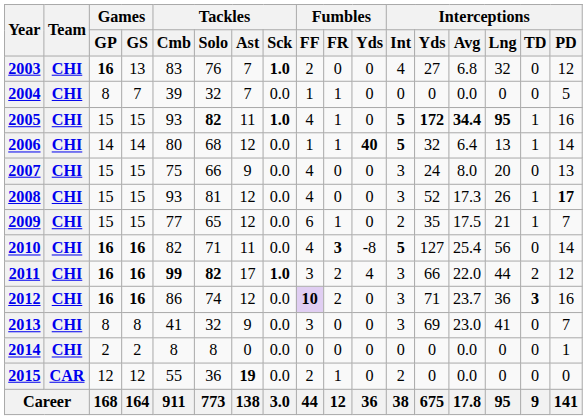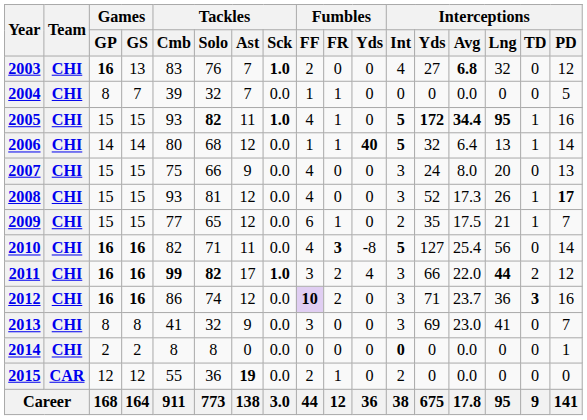 <table class="wikitable" style="text-align: center;">
 <tr>
 <th rowspan="2">Year</th>
 <th rowspan="2">Team</th>
 <th colspan="2">Games</th>
 <th colspan="4">Tackles</th>
 <th colspan="3">Fumbles</th>
 <th colspan="6">Interceptions</th>
 </tr>
 <tr>
 <th>GP</th>
 <th>GS</th>
 <th>Cmb</th>
 <th>Solo</th>
 <th>Ast</th>
 <th>Sck</th>
 <th>FF</th>
 <th>FR</th>
 <th>Yds</th>
 <th>Int</th>
 <th>Yds</th>
 <th>Avg</th>
 <th>Lng</th>
 <th>TD</th>
 <th>PD</th>
 </tr>
 <tr>
 <th><a href='#'>2003</a></th>
 <th><a href='#'>CHI</a></th>
 <td><strong>16</strong></td>
 <td>13</td>
 <td>83</td>
 <td>76</td>
 <td>7</td>
 <td><strong>1.0</strong></td>
 <td>2</td>
 <td>0</td>
 <td>0</td>
 <td>4</td>
 <td>27</td>
-<td>6.8</td>
+<td><strong>6.8</strong></td>
 <td>32</td>
 <td>0</td>
 <td>12</td>
 </tr>
 <tr>
 <th><a href='#'>2004</a></th>
 <th><a href='#'>CHI</a></th>
 <td>8</td>
 <td>7</td>
 <td>39</td>
 <td>32</td>
 <td>7</td>
 <td>0.0</td>
 <td>1</td>
 <td>1</td>
 <td>0</td>
 <td>0</td>
 <td>0</td>
 <td>0.0</td>
 <td>0</td>
 <td>0</td>
 <td>5</td>
 </tr>
 <tr>
 <th><a href='#'>2005</a></th>
 <th><a href='#'>CHI</a></th>
 <td>15</td>
 <td>15</td>
 <td>93</td>
 <td><strong>82</strong></td>
 <td>11</td>
 <td><strong>1.0</strong></td>
 <td>4</td>
 <td>1</td>
 <td>0</td>
 <td><strong>5</strong></td>
 <td><strong>172</strong></td>
 <td><strong>34.4</strong></td>
 <td><strong>95</strong></td>
 <td>1</td>
 <td>16</td>
 </tr>
 <tr>
 <th><a href='#'>2006</a></th>
 <th><a href='#'>CHI</a></th>
 <td>14</td>
 <td>14</td>
 <td>80</td>
 <td>68</td>
 <td>12</td>
 <td>0.0</td>
 <td>1</td>
 <td>1</td>
 <td><strong>40</strong></td>
 <td><strong>5</strong></td>
 <td>32</td>
 <td>6.4</td>
 <td>13</td>
 <td>1</td>
 <td>14</td>
 </tr>
 <tr>
 <th><a href='#'>2007</a></th>
 <th><a href='#'>CHI</a></th>
 <td>15</td>
 <td>15</td>
 <td>75</td>
 <td>66</td>
 <td>9</td>
 <td>0.0</td>
 <td>4</td>
 <td>0</td>
 <td>0</td>
 <td>3</td>
 <td>24</td>
 <td>8.0</td>
 <td>20</td>
 <td>0</td>
 <td>13</td>
 </tr>
 <tr>
 <th><a href='#'>2008</a></th>
 <th><a href='#'>CHI</a></th>
 <td>15</td>
 <td>15</td>
 <td>93</td>
 <td>81</td>
 <td>12</td>
 <td>0.0</td>
 <td>4</td>
 <td>0</td>
 <td>0</td>
 <td>3</td>
 <td>52</td>
 <td>17.3</td>
 <td>26</td>
 <td>1</td>
 <td><strong>17</strong></td>
 </tr>
 <tr>
 <th><a href='#'>2009</a></th>
 <th><a href='#'>CHI</a></th>
 <td>15</td>
 <td>15</td>
 <td>77</td>
 <td>65</td>
 <td>12</td>
 <td>0.0</td>
 <td>6</td>
 <td>1</td>
 <td>0</td>
 <td>2</td>
 <td>35</td>
 <td>17.5</td>
 <td>21</td>
 <td>1</td>
 <td>7</td>
 </tr>
 <tr>
 <th><a href='#'>2010</a></th>
 <th><a href='#'>CHI</a></th>
 <td><strong>16</strong></td>
 <td><strong>16</strong></td>
 <td>82</td>
 <td>71</td>
 <td>11</td>
 <td>0.0</td>
 <td>4</td>
 <td><strong>3</strong></td>
 <td>-8</td>
 <td><strong>5</strong></td>
 <td>127</td>
 <td>25.4</td>
 <td>56</td>
 <td>0</td>
 <td>14</td>
 </tr>
 <tr>
 <th><a href='#'>2011</a></th>
 <th><a href='#'>CHI</a></th>
 <td><strong>16</strong></td>
 <td><strong>16</strong></td>
 <td><strong>99</strong></td>
 <td><strong>82</strong></td>
 <td>17</td>
 <td><strong>1.0</strong></td>
 <td>3</td>
 <td>2</td>
 <td>4</td>
 <td>3</td>
 <td>66</td>
 <td>22.0</td>
-<td>44</td>
+<td><strong>44</strong></td>
 <td>2</td>
 <td>12</td>
 </tr>
 <tr>
 <th><a href='#'>2012</a></th>
 <th><a href='#'>CHI</a></th>
 <td><strong>16</strong></td>
 <td><strong>16</strong></td>
 <td>86</td>
 <td>74</td>
 <td>12</td>
 <td>0.0</td>
 <td style="background:#e0cef2;"><strong>10</strong></td>
 <td>2</td>
 <td>0</td>
 <td>3</td>
 <td>71</td>
 <td>23.7</td>
 <td>36</td>
 <td><strong>3</strong></td>
 <td>16</td>
 </tr>
 <tr>
 <th><a href='#'>2013</a></th>
 <th><a href='#'>CHI</a></th>
 <td>8</td>
 <td>8</td>
 <td>41</td>
 <td>32</td>
 <td>9</td>
 <td>0.0</td>
 <td>3</td>
 <td>0</td>
 <td>0</td>
 <td>3</td>
 <td>69</td>
 <td>23.0</td>
 <td>41</td>
 <td>0</td>
 <td>7</td>
 </tr>
 <tr>
 <th><a href='#'>2014</a></th>
 <th><a href='#'>CHI</a></th>
 <td>2</td>
 <td>2</td>
 <td>8</td>
 <td>8</td>
 <td>0</td>
 <td>0.0</td>
 <td>0</td>
 <td>0</td>
 <td>0</td>
-<td>0</td>
+<td><strong>0</strong></td>
 <td>0</td>
 <td>0.0</td>
 <td>0</td>
 <td>0</td>
 <td>1</td>
 </tr>
 <tr>
 <th><a href='#'>2015</a></th>
 <th><a href='#'>CAR</a></th>
 <td>12</td>
 <td>12</td>
 <td>55</td>
 <td>36</td>
 <td><strong>19</strong></td>
 <td>0.0</td>
 <td>2</td>
 <td>1</td>
 <td>0</td>
 <td>2</td>
 <td>0</td>
 <td>0.0</td>
 <td>0</td>
 <td>0</td>
 <td>0</td>
 </tr>
 <tr>
 <th colspan="2">Career</th>
 <th>168</th>
 <th>164</th>
 <th>911</th>
 <th>773</th>
 <th>138</th>
 <th>3.0</th>
 <th>44</th>
 <th>12</th>
 <th>36</th>
 <th>38</th>
 <th>675</th>
 <th>17.8</th>
 <th>95</th>
 <th>9</th>
 <th>141</th>
 </tr>
 </table>
